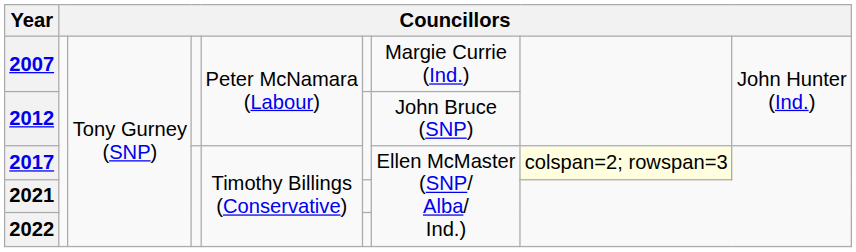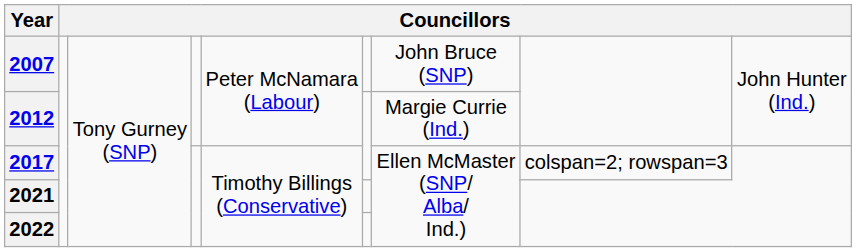 <table class="wikitable" style="text-align:center">
 <tr>
 <th>Year</th>
 <th colspan=8>Councillors</th>
 </tr>
 <tr>
 <th><a href='#'>2007</a></th>
 <td rowspan=5; style="background-color: "></td>
 <td rowspan=5>Tony Gurney<br>(<a href='#'>SNP</a>)</td>
 <td rowspan=2; style="background-color: "></td>
 <td rowspan=2>Peter McNamara<br>(<a href='#'>Labour</a>)</td>
 <td rowspan=1; style="background-color: "></td>
-<td rowspan=1>Margie Currie<br>(<a href='#'>Ind.</a>)</td>
+<td rowspan=1>John Bruce<br>(<a href='#'>SNP</a>)</td>
 <td rowspan=2; style="background-color: "></td>
 <td rowspan=2>John Hunter<br>(<a href='#'>Ind.</a>)</td>
 </tr>
 <tr>
 <th><a href='#'>2012</a></th>
 <td rowspan=2; style="background-color: "></td>
-<td rowspan=1>John Bruce<br>(<a href='#'>SNP</a>)</td>
+<td rowspan=1>Margie Currie<br>(<a href='#'>Ind.</a>)</td>
 </tr>
 <tr>
 <th><a href='#'>2017</a></th>
 <td rowspan=3; style="background-color: "></td>
 <td rowspan=3>Timothy Billings<br>(<a href='#'>Conservative</a>)</td>
 <td rowspan=3>Ellen McMaster<br>(<a href='#'>SNP</a>/<br><a href='#'>Alba</a>/<br>Ind.)</td>
-<td style="background: lightyellow;">colspan=2; rowspan=3 </td>
+<td>colspan=2; rowspan=3 </td>
 </tr>
 <tr>
 <th>2021</th>
 <td style="background-color: "></td>
 </tr>
 <tr>
 <th>2022</th>
 <td style="background-color: "></td>
 </tr>
 </table>
